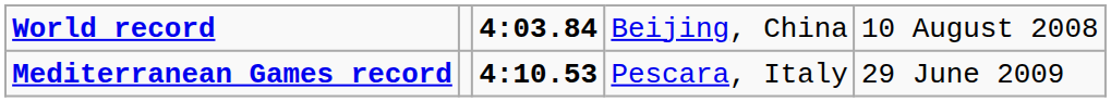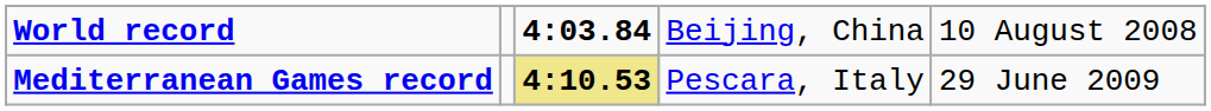 <table class="wikitable">
 <tr>
 <td><strong><a href='#'>World record</a></strong></td>
 <td></td>
 <td><strong>4:03.84</strong></td>
 <td><a href='#'>Beijing</a>, China</td>
 <td>10 August 2008</td>
 </tr>
 <tr>
 <td><strong><a href='#'>Mediterranean Games record</a></strong></td>
 <td></td>
-<td><strong>4:10.53</strong></td>
+<td style="background: khaki;"><strong>4:10.53</strong></td>
 <td><a href='#'>Pescara</a>, Italy</td>
 <td>29 June 2009</td>
 </tr>
 </table>
